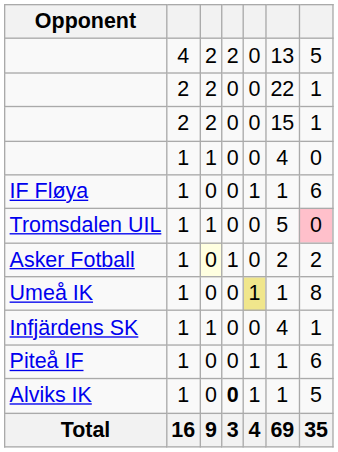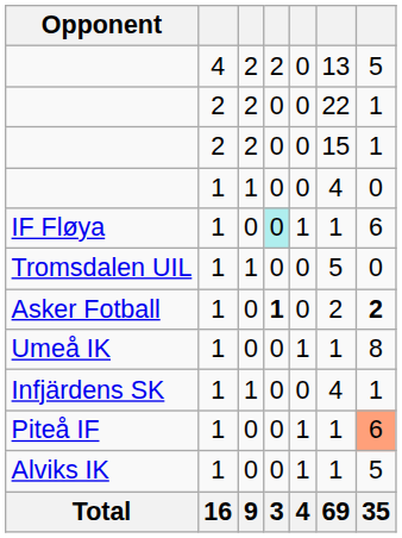 <table class="sortable wikitable plainrowheaders" style="text-align:center">
 <tr>
 <th>Opponent</th>
 <th></th>
 <th></th>
 <th></th>
 <th></th>
 <th></th>
 <th></th>
 </tr>
 <tr>
 <td align=left></td>
 <td>4</td>
 <td>2</td>
 <td>2</td>
 <td>0</td>
 <td>13</td>
 <td>5</td>
 </tr>
 <tr>
 <td align=left></td>
 <td>2</td>
 <td>2</td>
 <td>0</td>
 <td>0</td>
 <td>22</td>
 <td>1</td>
 </tr>
 <tr>
 <td align=left></td>
 <td>2</td>
 <td>2</td>
 <td>0</td>
 <td>0</td>
 <td>15</td>
 <td>1</td>
 </tr>
 <tr>
 <td align=left></td>
 <td>1</td>
 <td>1</td>
 <td>0</td>
 <td>0</td>
 <td>4</td>
 <td>0</td>
 </tr>
 <tr>
 <td align=left><a href='#'>IF Fløya</a></td>
 <td>1</td>
 <td>0</td>
-<td>0</td>
+<td style="background: paleturquoise;">0</td>
 <td>1</td>
 <td>1</td>
 <td>6</td>
 </tr>
 <tr>
 <td align=left><a href='#'>Tromsdalen UIL</a></td>
 <td>1</td>
 <td>1</td>
 <td>0</td>
 <td>0</td>
 <td>5</td>
-<td style="background: pink;">0</td>
+<td>0</td>
 </tr>
 <tr>
 <td align=left><a href='#'>Asker Fotball</a></td>
 <td>1</td>
-<td style="background: lightyellow;">0</td>
-<td>1</td>
+<td>0</td>
+<td><strong>1</strong></td>
 <td>0</td>
 <td>2</td>
-<td>2</td>
+<td><strong>2</strong></td>
 </tr>
 <tr>
 <td align=left><a href='#'>Umeå IK</a></td>
 <td>1</td>
 <td>0</td>
 <td>0</td>
-<td style="background: khaki;">1</td>
+<td>1</td>
 <td>1</td>
 <td>8</td>
 </tr>
 <tr>
 <td align=left><a href='#'>Infjärdens SK</a></td>
 <td>1</td>
 <td>1</td>
 <td>0</td>
 <td>0</td>
 <td>4</td>
 <td>1</td>
 </tr>
 <tr>
 <td align=left><a href='#'>Piteå IF</a></td>
 <td>1</td>
 <td>0</td>
 <td>0</td>
 <td>1</td>
 <td>1</td>
-<td>6</td>
+<td style="background: lightsalmon;">6</td>
 </tr>
 <tr>
 <td align=left><a href='#'>Alviks IK</a></td>
 <td>1</td>
 <td>0</td>
-<td><strong>0</strong></td>
+<td>0</td>
 <td>1</td>
 <td>1</td>
 <td>5</td>
 </tr>
 <tr>
 <th>Total</th>
 <th>16</th>
 <th>9</th>
 <th>3</th>
 <th>4</th>
 <th>69</th>
 <th>35</th>
 </tr>
 </table>
